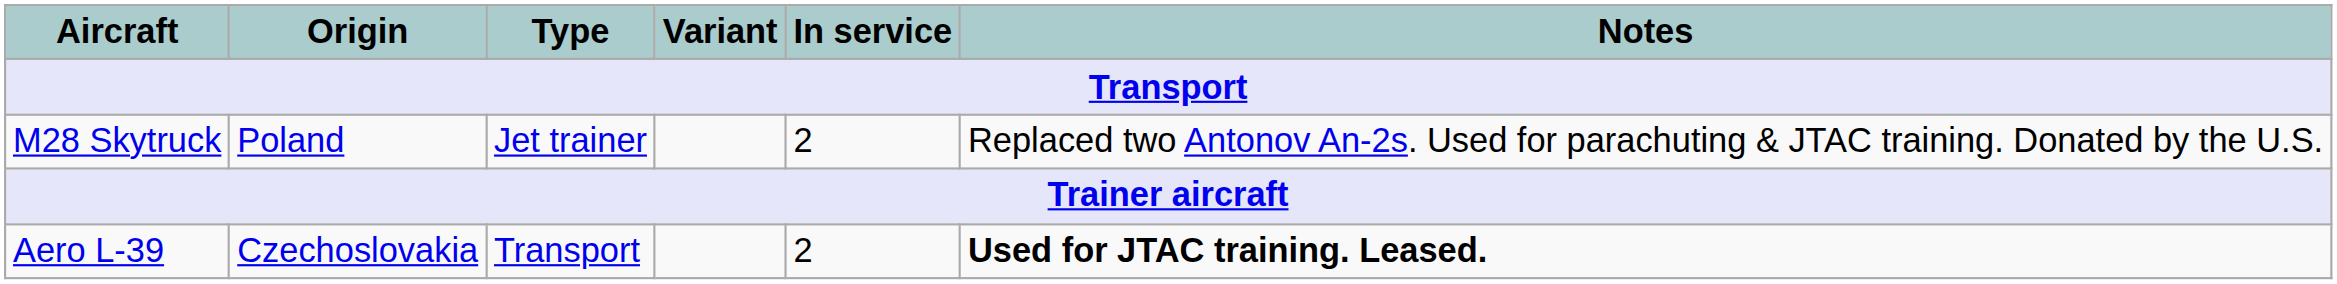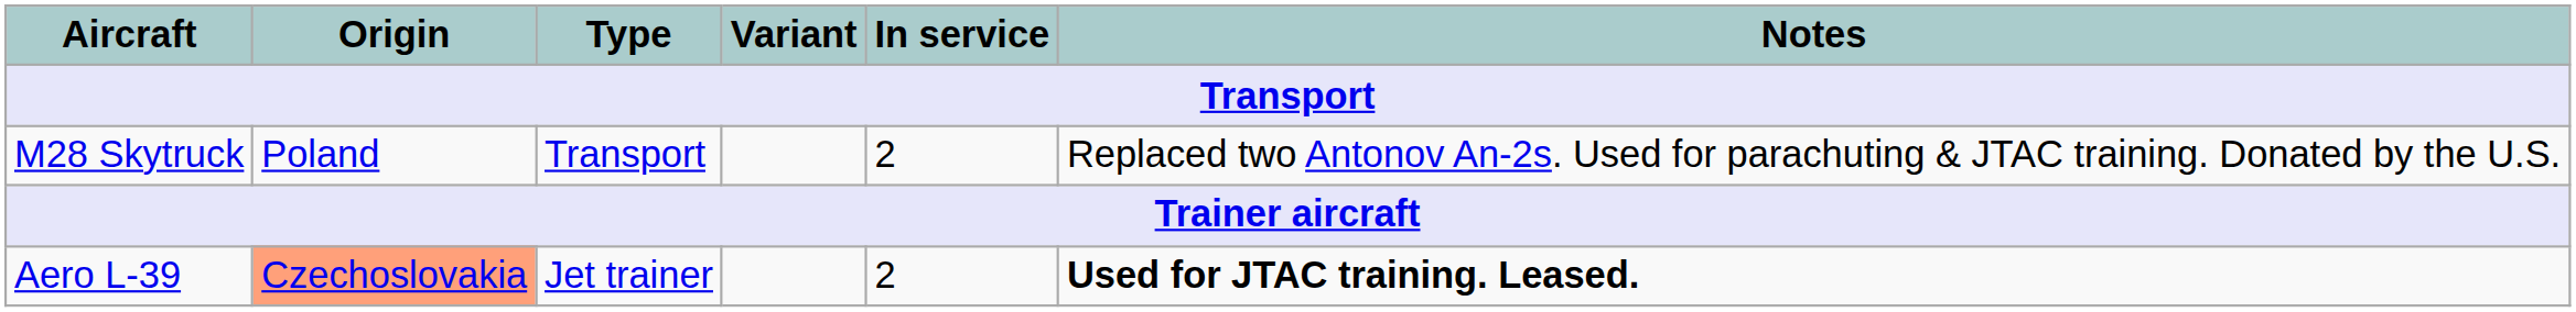 <table class="wikitable">
 <tr>
 <th style="text-align:center; background:#acc;">Aircraft</th>
 <th style="text-align: center; background:#acc;">Origin</th>
 <th style="text-align:l center; background:#acc;">Type</th>
 <th style="text-align:left; background:#acc;">Variant</th>
 <th style="text-align:center; background:#acc;">In service</th>
 <th style="text-align: center; background:#acc;">Notes</th>
 </tr>
 <tr>
 <th colspan="6" style="align: center; background: lavender;"><a href='#'>Transport</a></th>
 </tr>
 <tr>
 <td><a href='#'>M28 Skytruck</a></td>
 <td><a href='#'>Poland</a></td>
-<td><a href='#'>Jet trainer</a></td>
+<td><a href='#'>Transport</a></td>
 <td></td>
 <td>2</td>
 <td>Replaced two <a href='#'>Antonov An-2s</a>. Used for parachuting & JTAC training. Donated by the U.S.</td>
 </tr>
 <tr>
 <th colspan="6" style="align: center; background: lavender;"><a href='#'>Trainer aircraft</a></th>
 </tr>
 <tr>
 <td><a href='#'>Aero L-39</a></td>
-<td><a href='#'>Czechoslovakia</a></td>
-<td><a href='#'>Transport</a></td>
+<td style="background: lightsalmon;"><a href='#'>Czechoslovakia</a></td>
+<td><a href='#'>Jet trainer</a></td>
 <td></td>
 <td>2</td>
 <td><strong>Used for JTAC training. Leased.</strong></td>
 </tr>
 </table>
